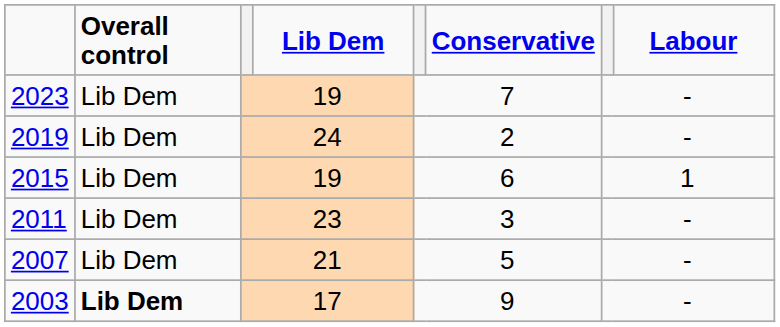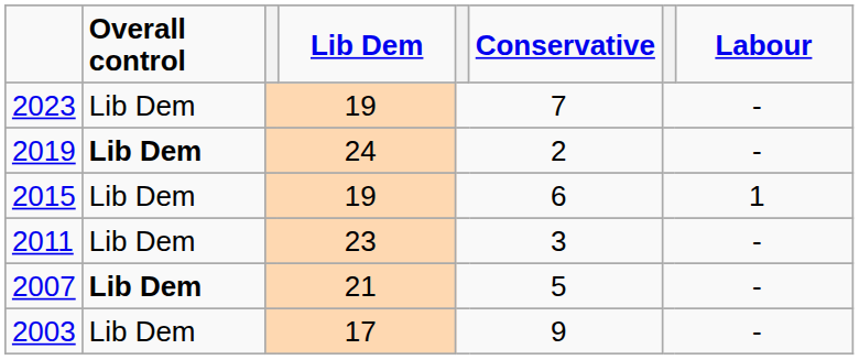 <table class="wikitable" style="text-align:left; padding-left:1em; font-size: 95%">
 <tr>
 <td width=32></td>
 <td width=90><strong>Overall control</strong></td>
 <th style="background-color: "></th>
 <td width=87 align="center"><strong><a href='#'>Lib Dem</a></strong></td>
 <th style="background-color: "></th>
 <td width=87 align="center"><strong><a href='#'>Conservative</a></strong></td>
 <th style="background-color: "></th>
 <td width=87 align="center"><strong><a href='#'>Labour</a></strong></td>
 </tr>
 <tr>
 <td><a href='#'>2023</a></td>
 <td style="background:">Lib Dem</td>
 <td colspan=2 align="center" style="background:#fed8b1">19</td>
 <td colspan=2 align="center">7</td>
 <td colspan=2 align="center">-</td>
 </tr>
 <tr>
 <td><a href='#'>2019</a></td>
-<td style="background:">Lib Dem</td>
+<td style="background:"><strong>Lib Dem</strong></td>
 <td colspan=2 align="center" style="background:#fed8b1">24</td>
 <td colspan=2 align="center">2</td>
 <td colspan=2 align="center">-</td>
 </tr>
 <tr>
 <td><a href='#'>2015</a></td>
 <td style="background:">Lib Dem</td>
 <td colspan=2 align="center" style="background:#fed8b1">19</td>
 <td colspan=2 align="center">6</td>
 <td colspan=2 align="center">1</td>
 </tr>
 <tr>
 <td><a href='#'>2011</a></td>
 <td style="background:">Lib Dem</td>
 <td colspan=2 align="center" style="background:#fed8b1">23</td>
 <td colspan=2 align="center">3</td>
 <td colspan=2 align="center">-</td>
 </tr>
 <tr>
 <td><a href='#'>2007</a></td>
-<td style="background:">Lib Dem</td>
+<td style="background:"><strong>Lib Dem</strong></td>
 <td colspan=2 align="center" style="background:#fed8b1">21</td>
 <td colspan=2 align="center">5</td>
 <td colspan=2 align="center">-</td>
 </tr>
 <tr>
 <td><a href='#'>2003</a></td>
-<td style="background:"><strong>Lib Dem</strong></td>
+<td style="background:">Lib Dem</td>
 <td colspan=2 align="center" style="background:#fed8b1">17</td>
 <td colspan=2 align="center">9</td>
 <td colspan=2 align="center">-</td>
 </tr>
 </table>
